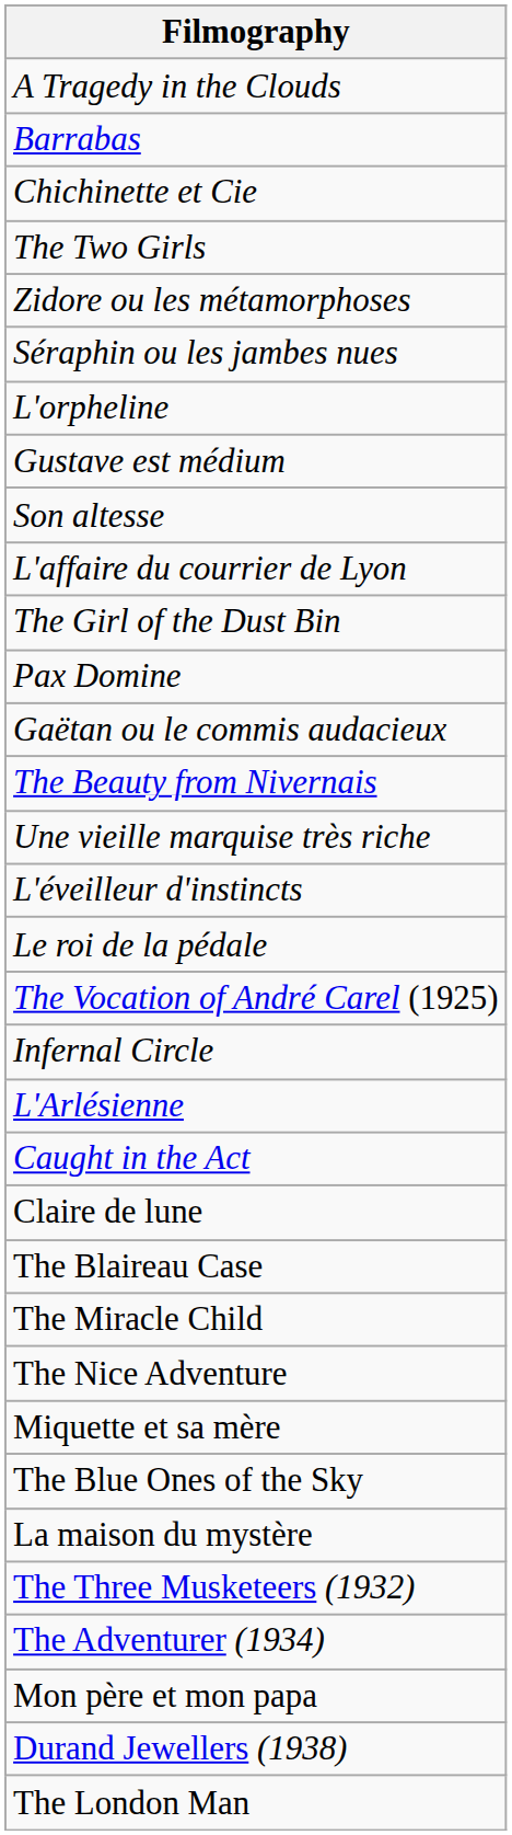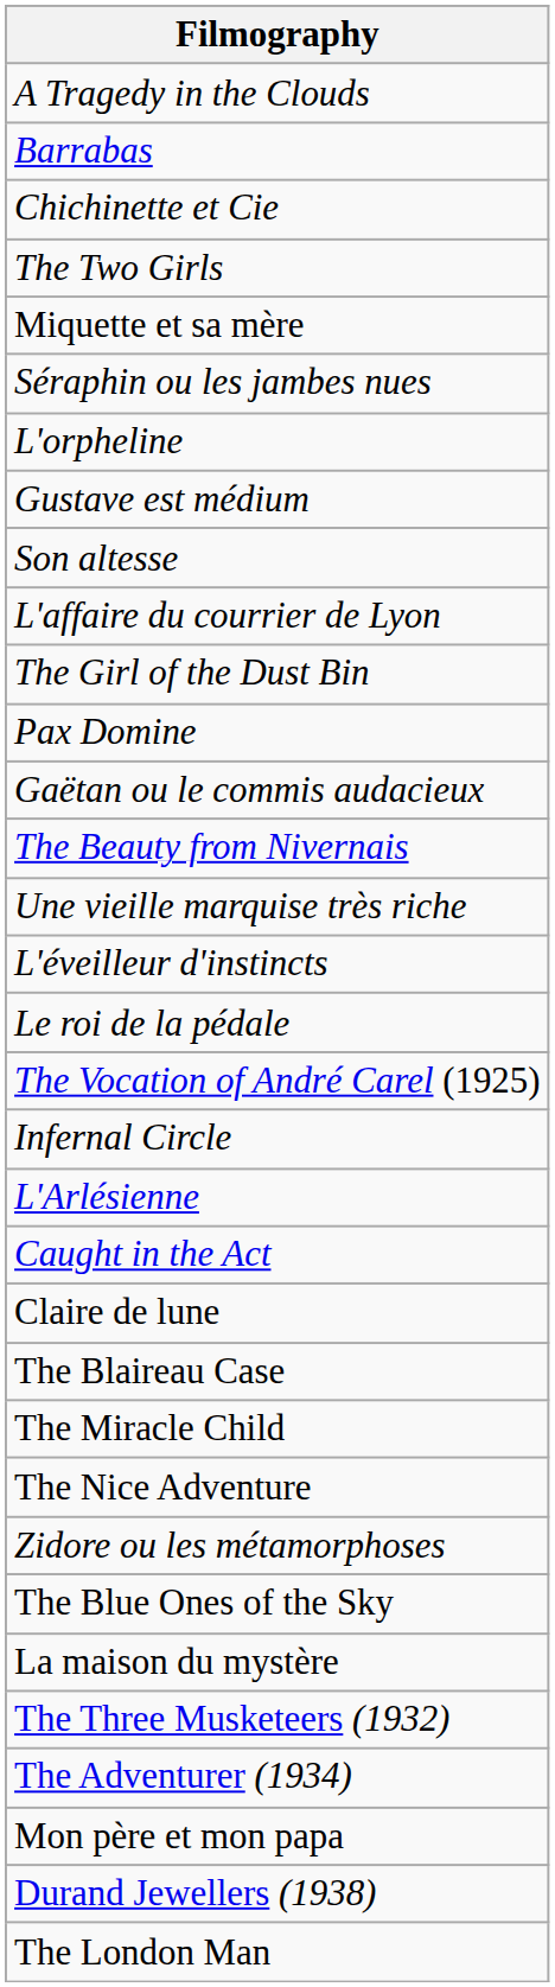 <table class="wikitable">
 <tr>
 <th>Filmography</th>
 </tr>
 <tr>
 <td><em>A Tragedy in the Clouds</em></td>
 </tr>
 <tr>
 <td><em><a href='#'>Barrabas</a></em></td>
 </tr>
 <tr>
 <td><em>Chichinette et Cie</em></td>
 </tr>
 <tr>
 <td><em>The Two Girls</em></td>
 </tr>
 <tr>
-<td><em>Zidore ou les métamorphoses</em></td>
+<td></em>Miquette et sa mère<em></td>
 </tr>
 <tr>
 <td><em>Séraphin ou les jambes nues</em></td>
 </tr>
 <tr>
 <td><em>L'orpheline</em></td>
 </tr>
 <tr>
 <td><em>Gustave est médium</em></td>
 </tr>
 <tr>
 <td><em>Son altesse</em></td>
 </tr>
 <tr>
 <td><em>L'affaire du courrier de Lyon</em></td>
 </tr>
 <tr>
 <td><em>The Girl of the Dust Bin</em></td>
 </tr>
 <tr>
 <td><em>Pax Domine</em></td>
 </tr>
 <tr>
 <td><em>Gaëtan ou le commis audacieux</em></td>
 </tr>
 <tr>
 <td><em><a href='#'>The Beauty from Nivernais</a></em></td>
 </tr>
 <tr>
 <td><em>Une vieille marquise très riche</em></td>
 </tr>
 <tr>
 <td><em>L'éveilleur d'instincts</em></td>
 </tr>
 <tr>
 <td><em>Le roi de la pédale</em></td>
 </tr>
 <tr>
 <td><em><a href='#'>The Vocation of André Carel</a></em> (1925)</td>
 </tr>
 <tr>
 <td><em>Infernal Circle</em></td>
 </tr>
 <tr>
 <td><em><a href='#'>L'Arlésienne</a></em></td>
 </tr>
 <tr>
 <td><em><a href='#'>Caught in the Act</a></em></td>
 </tr>
 <tr>
 <td>Claire de lune<em></td>
 </tr>
 <tr>
 <td></em>The Blaireau Case<em></td>
 </tr>
 <tr>
 <td></em>The Miracle Child<em></td>
 </tr>
 <tr>
 <td></em>The Nice Adventure<em></td>
 </tr>
 <tr>
-<td></em>Miquette et sa mère<em></td>
+<td><em>Zidore ou les métamorphoses</em></td>
 </tr>
 <tr>
 <td></em>The Blue Ones of the Sky<em></td>
 </tr>
 <tr>
 <td></em>La maison du mystère<em></td>
 </tr>
 <tr>
 <td></em><a href='#'>The Three Musketeers</a><em> (1932)</td>
 </tr>
 <tr>
 <td></em><a href='#'>The Adventurer</a><em> (1934)</td>
 </tr>
 <tr>
 <td></em>Mon père et mon papa<em></td>
 </tr>
 <tr>
 <td></em><a href='#'>Durand Jewellers</a><em> (1938)</td>
 </tr>
 <tr>
 <td></em>The London Man<em></td>
 </tr>
 </table>
